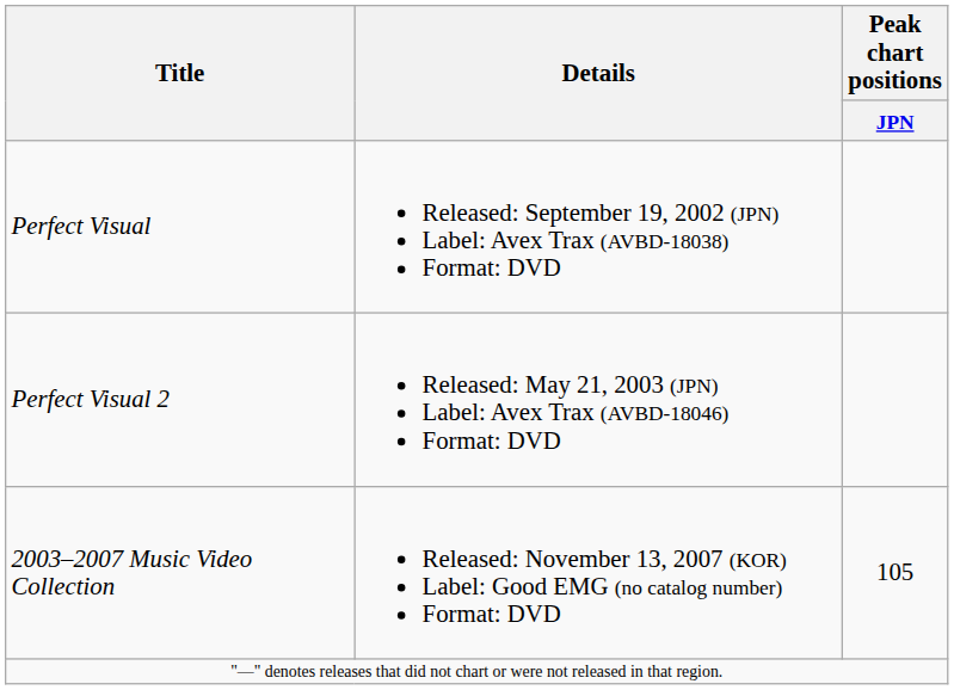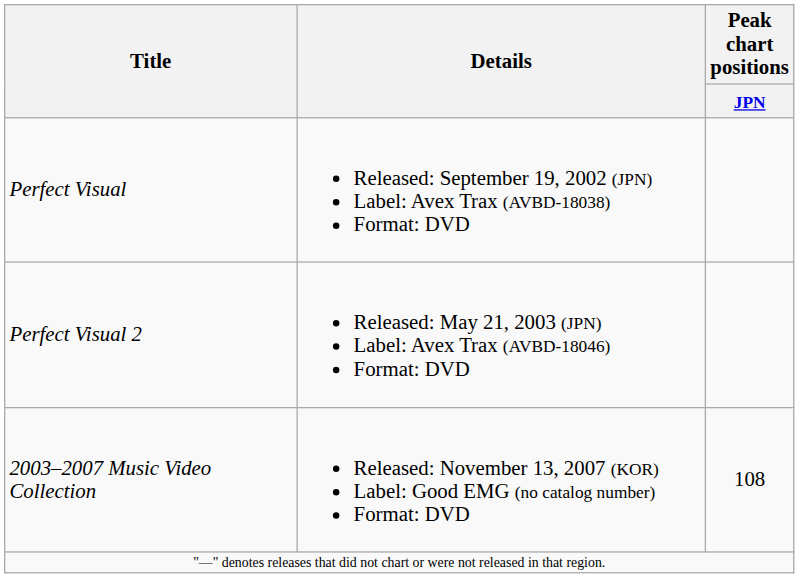 <table class="wikitable">
 <tr>
 <th rowspan="2" style="width:250px;">Title</th>
 <th rowspan="2" style="width:350px;">Details</th>
 <th colspan="1">Peak chart<br>positions</th>
 </tr>
 <tr>
 <th style="width:2.5em;"><small><a href='#'>JPN</a></small><br></th>
 </tr>
 <tr>
 <td><em>Perfect Visual</em></td>
 <td><br><ul><li>Released: September 19, 2002 <small>(JPN)</small></li><li>Label: Avex Trax <small>(AVBD-18038)</small></li><li>Format: DVD</li></ul></td>
 <td align="center"></td>
 </tr>
 <tr>
 <td><em>Perfect Visual 2</em></td>
 <td><br><ul><li>Released: May 21, 2003 <small>(JPN)</small></li><li>Label: Avex Trax <small>(AVBD-18046)</small></li><li>Format: DVD</li></ul></td>
 <td align="center"></td>
 </tr>
 <tr>
 <td><em>2003–2007 Music Video Collection</em></td>
 <td><br><ul><li>Released: November 13, 2007 <small>(KOR)</small></li><li>Label: Good EMG <small>(no catalog number)</small></li><li>Format: DVD</li></ul></td>
-<td align="center">105</td>
+<td align="center">108</td>
 </tr>
 <tr>
 <td colspan="5" style="text-align:center; font-size:8pt;">"—" denotes releases that did not chart or were not released in that region.</td>
 </tr>
 </table>
